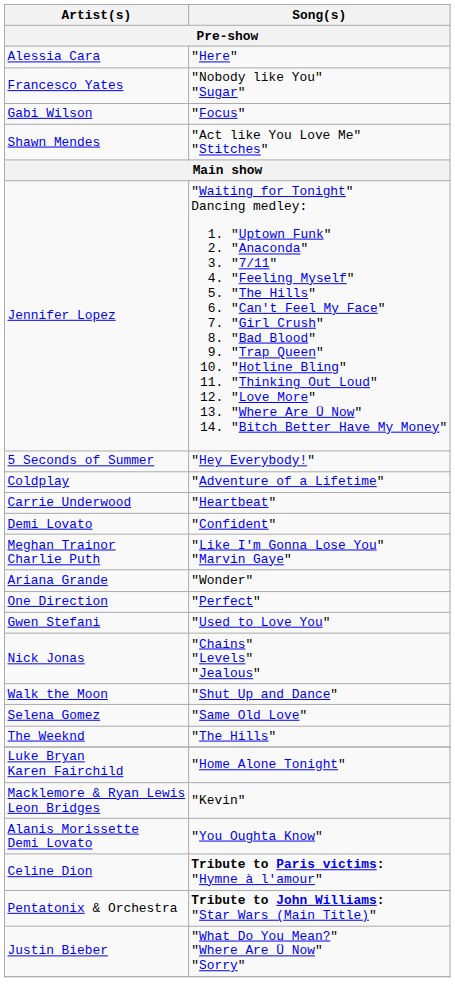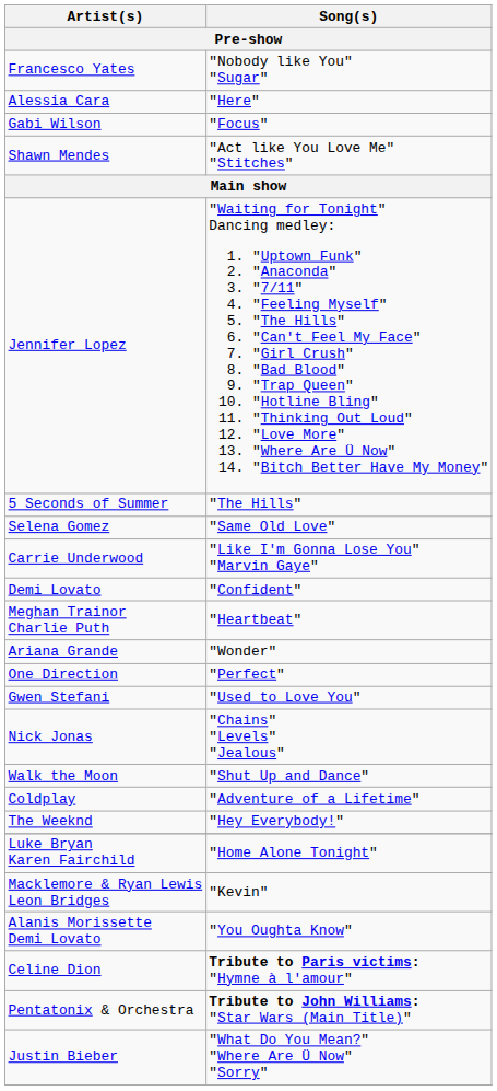 <table class="wikitable">
 <tr>
 <th>Artist(s)</th>
 <th>Song(s)</th>
 </tr>
 <tr>
 <th colspan="2">Pre-show</th>
 </tr>
 <tr>
+<td><a href='#'>Francesco Yates</a></td>
+<td>"Nobody like You"<br>"<a href='#'>Sugar</a>"</td>
+</tr>
+<tr>
 <td><a href='#'>Alessia Cara</a></td>
 <td>"<a href='#'>Here</a>"</td>
-</tr>
-<tr>
-<td><a href='#'>Francesco Yates</a></td>
-<td>"Nobody like You"<br>"<a href='#'>Sugar</a>"</td>
 </tr>
 <tr>
 <td><a href='#'>Gabi Wilson</a></td>
 <td>"<a href='#'>Focus</a>"</td>
 </tr>
 <tr>
 <td><a href='#'>Shawn Mendes</a></td>
 <td>"Act like You Love Me"<br>"<a href='#'>Stitches</a>"</td>
 </tr>
 <tr>
 <th colspan="2">Main show</th>
 </tr>
 <tr>
 <td><a href='#'>Jennifer Lopez</a></td>
 <td>"<a href='#'>Waiting for Tonight</a>"<br>Dancing medley:<br><ol><li>"<a href='#'>Uptown Funk</a>"</li><li>"<a href='#'>Anaconda</a>"</li><li>"<a href='#'>7/11</a>"</li><li>"<a href='#'>Feeling Myself</a>"</li><li>"<a href='#'>The Hills</a>"</li><li>"<a href='#'>Can't Feel My Face</a>"</li><li>"<a href='#'>Girl Crush</a>"</li><li>"<a href='#'>Bad Blood</a>"</li><li>"<a href='#'>Trap Queen</a>"</li><li>"<a href='#'>Hotline Bling</a>"</li><li>"<a href='#'>Thinking Out Loud</a>"</li><li>"<a href='#'>Love More</a>"</li><li>"<a href='#'>Where Are Ü Now</a>"</li><li>"<a href='#'>Bitch Better Have My Money</a>"</li></ol></td>
 </tr>
 <tr>
 <td><a href='#'>5 Seconds of Summer</a></td>
-<td>"<a href='#'>Hey Everybody!</a>"</td>
+<td>"<a href='#'>The Hills</a>"</td>
 </tr>
 <tr>
-<td><a href='#'>Coldplay</a></td>
-<td>"<a href='#'>Adventure of a Lifetime</a>"</td>
+<td><a href='#'>Selena Gomez</a></td>
+<td>"<a href='#'>Same Old Love</a>"</td>
 </tr>
 <tr>
 <td><a href='#'>Carrie Underwood</a></td>
-<td>"<a href='#'>Heartbeat</a>"</td>
+<td>"<a href='#'>Like I'm Gonna Lose You</a>"<br>"<a href='#'>Marvin Gaye</a>"</td>
 </tr>
 <tr>
 <td><a href='#'>Demi Lovato</a></td>
 <td>"<a href='#'>Confident</a>"</td>
 </tr>
 <tr>
 <td><a href='#'>Meghan Trainor</a><br><a href='#'>Charlie Puth</a></td>
-<td>"<a href='#'>Like I'm Gonna Lose You</a>"<br>"<a href='#'>Marvin Gaye</a>"</td>
+<td>"<a href='#'>Heartbeat</a>"</td>
 </tr>
 <tr>
 <td><a href='#'>Ariana Grande</a></td>
 <td>"Wonder"</td>
 </tr>
 <tr>
 <td><a href='#'>One Direction</a></td>
 <td>"<a href='#'>Perfect</a>"</td>
 </tr>
 <tr>
 <td><a href='#'>Gwen Stefani</a></td>
 <td>"<a href='#'>Used to Love You</a>"</td>
 </tr>
 <tr>
 <td><a href='#'>Nick Jonas</a></td>
 <td>"<a href='#'>Chains</a>"<br>"<a href='#'>Levels</a>"<br>"<a href='#'>Jealous</a>"</td>
 </tr>
 <tr>
 <td><a href='#'>Walk the Moon</a></td>
 <td>"<a href='#'>Shut Up and Dance</a>"</td>
 </tr>
 <tr>
-<td><a href='#'>Selena Gomez</a></td>
-<td>"<a href='#'>Same Old Love</a>"</td>
+<td><a href='#'>Coldplay</a></td>
+<td>"<a href='#'>Adventure of a Lifetime</a>"</td>
 </tr>
 <tr>
 <td><a href='#'>The Weeknd</a></td>
-<td>"<a href='#'>The Hills</a>"</td>
+<td>"<a href='#'>Hey Everybody!</a>"</td>
 </tr>
 <tr>
 </tr>
 <tr>
 <td><a href='#'>Luke Bryan</a><br><a href='#'>Karen Fairchild</a></td>
 <td>"<a href='#'>Home Alone Tonight</a>"</td>
 </tr>
 <tr>
 <td><a href='#'>Macklemore & Ryan Lewis</a> <br><a href='#'>Leon Bridges</a></td>
 <td>"Kevin"</td>
 </tr>
 <tr>
 <td><a href='#'>Alanis Morissette</a><br><a href='#'>Demi Lovato</a></td>
 <td>"<a href='#'>You Oughta Know</a>"</td>
 </tr>
 <tr>
 <td><a href='#'>Celine Dion</a></td>
 <td><strong>Tribute to <a href='#'>Paris victims</a>:</strong><br>"<a href='#'>Hymne à l'amour</a>"</td>
 </tr>
 <tr>
 <td><a href='#'>Pentatonix</a> & Orchestra</td>
 <td><strong>Tribute to <a href='#'>John Williams</a>:</strong><br>"<a href='#'>Star Wars (Main Title)</a>"</td>
 </tr>
 <tr>
 <td><a href='#'>Justin Bieber</a></td>
 <td>"<a href='#'>What Do You Mean?</a>"<br>"<a href='#'>Where Are Ü Now</a>"<br>"<a href='#'>Sorry</a>"</td>
 </tr>
 <tr>
 </tr>
 </table>
